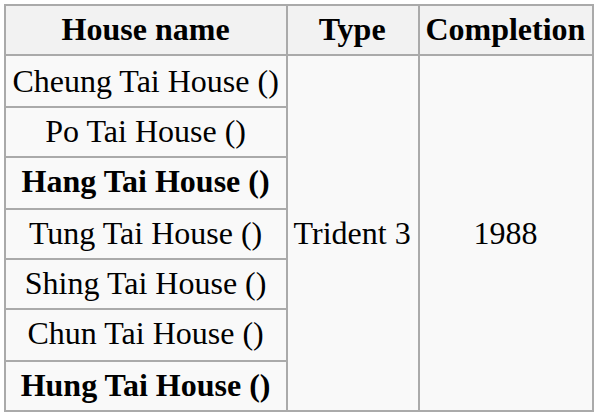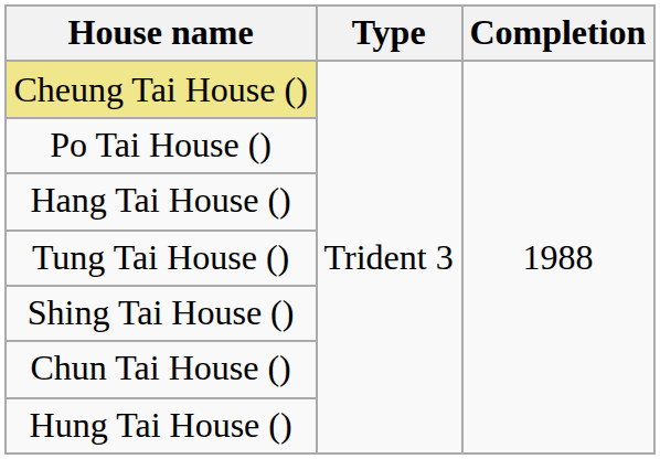 <table class="wikitable" style="text-align: center;">
 <tr>
 <th>House name</th>
 <th>Type</th>
 <th>Completion</th>
 </tr>
 <tr>
-<td>Cheung Tai House ()</td>
+<td style="background: khaki;">Cheung Tai House ()</td>
 <td rowspan="7">Trident 3</td>
 <td rowspan="7">1988</td>
 </tr>
 <tr>
 <td>Po Tai House ()</td>
 </tr>
 <tr>
-<td><strong>Hang Tai House ()</strong></td>
+<td>Hang Tai House ()</td>
 </tr>
 <tr>
 <td>Tung Tai House ()</td>
 </tr>
 <tr>
 <td>Shing Tai House ()</td>
 </tr>
 <tr>
 <td>Chun Tai House ()</td>
 </tr>
 <tr>
-<td><strong>Hung Tai House ()</strong></td>
+<td>Hung Tai House ()</td>
 </tr>
 </table>
